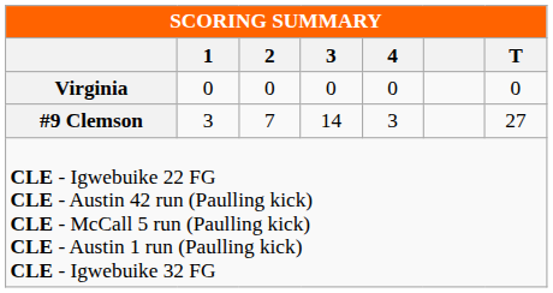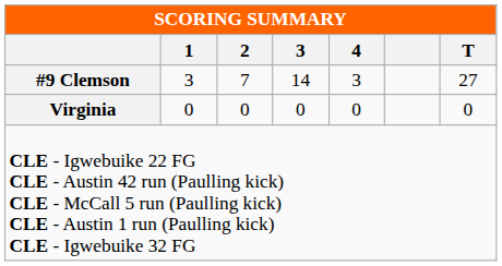 <table class="wikitable" style="text-align:center">
 <tr style="background:#FF6300; color:white">
 <td colspan="7" align="center"><strong>SCORING SUMMARY</strong></td>
 </tr>
 <tr>
 <th width="125"> </th>
 <th width="40">1</th>
 <th width="40">2</th>
 <th width="40">3</th>
 <th width="40">4</th>
 <th width="40"> </th>
 <th width="40">T</th>
 </tr>
 <tr>
+<th>#9 Clemson</th>
+<td>3</td>
+<td>7</td>
+<td>14</td>
+<td>3</td>
+<td></td>
+<td>27</td>
+</tr>
+<tr>
 <th>Virginia</th>
 <td>0</td>
 <td>0</td>
 <td>0</td>
 <td>0</td>
 <td></td>
 <td>0</td>
 </tr>
 <tr>
-<th>#9 Clemson</th>
-<td>3</td>
-<td>7</td>
-<td>14</td>
-<td>3</td>
-<td></td>
-<td>27</td>
-</tr>
-<tr>
 <td colspan="7" align="left"><br><strong>CLE</strong> - Igwebuike 22 FG<br> <strong>CLE</strong> - Austin 42 run (Paulling kick)<br> <strong>CLE</strong> - McCall 5 run (Paulling kick)<br> <strong>CLE</strong> - Austin 1 run (Paulling kick)<br> <strong>CLE</strong> - Igwebuike 32 FG</td>
 </tr>
 </table>
